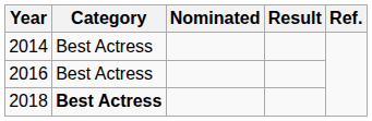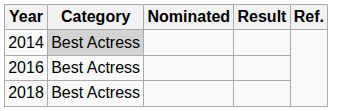 <table class="wikitable">
 <tr>
 <th>Year</th>
 <th>Category</th>
 <th>Nominated</th>
 <th>Result</th>
 <th>Ref.</th>
 </tr>
 <tr>
 <td>2014</td>
-<td>Best Actress</td>
+<td style="background: lightgrey;">Best Actress</td>
 <td></td>
 <td></td>
 </tr>
 <tr>
 <td>2016</td>
 <td>Best Actress</td>
 <td></td>
 <td></td>
 </tr>
 <tr>
 <td>2018</td>
-<td><strong>Best Actress</strong></td>
+<td>Best Actress</td>
 <td></td>
 <td></td>
 </tr>
 <tr>
 </tr>
 </table>
